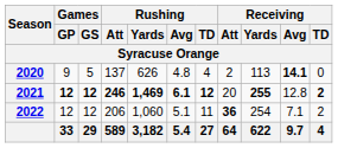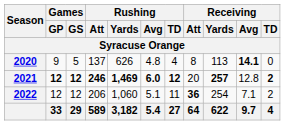 <table class="wikitable" style="text-align:center;">
 <tr>
 <th rowspan="2">Season</th>
 <th colspan="2">Games</th>
 <th colspan="4">Rushing</th>
 <th colspan="4">Receiving</th>
 </tr>
 <tr>
 <th>GP</th>
 <th>GS</th>
 <th>Att</th>
 <th>Yards</th>
 <th>Avg</th>
 <th>TD</th>
 <th>Att</th>
 <th>Yards</th>
 <th>Avg</th>
 <th>TD</th>
 </tr>
 <tr>
 <th colspan="11">Syracuse Orange</th>
 </tr>
 <tr>
 <th><a href='#'>2020</a></th>
 <td>9</td>
 <td>5</td>
 <td>137</td>
 <td>626</td>
 <td>4.8</td>
 <td>4</td>
-<td>2</td>
+<td>8</td>
 <td>113</td>
 <td><strong>14.1</strong></td>
 <td>0</td>
 </tr>
 <tr>
 <th><a href='#'>2021</a></th>
 <td><strong>12</strong></td>
 <td><strong>12</strong></td>
 <td><strong>246</strong></td>
 <td><strong>1,469</strong></td>
-<td><strong>6.1</strong></td>
+<td><strong>6.0</strong></td>
 <td><strong>12</strong></td>
 <td>20</td>
-<td><strong>255</strong></td>
+<td><strong>257</strong></td>
 <td>12.8</td>
 <td><strong>2</strong></td>
 </tr>
 <tr>
 <th><a href='#'>2022</a></th>
 <td>12</td>
 <td>12</td>
 <td>206</td>
 <td>1,060</td>
 <td>5.1</td>
 <td>11</td>
 <td><strong>36</strong></td>
 <td>254</td>
 <td>7.1</td>
 <td>2</td>
 </tr>
 <tr>
 <th></th>
 <th>33</th>
 <th>29</th>
 <th>589</th>
 <th>3,182</th>
 <th>5.4</th>
 <th>27</th>
 <th>64</th>
 <th>622</th>
 <th>9.7</th>
 <th>4</th>
 </tr>
 </table>
